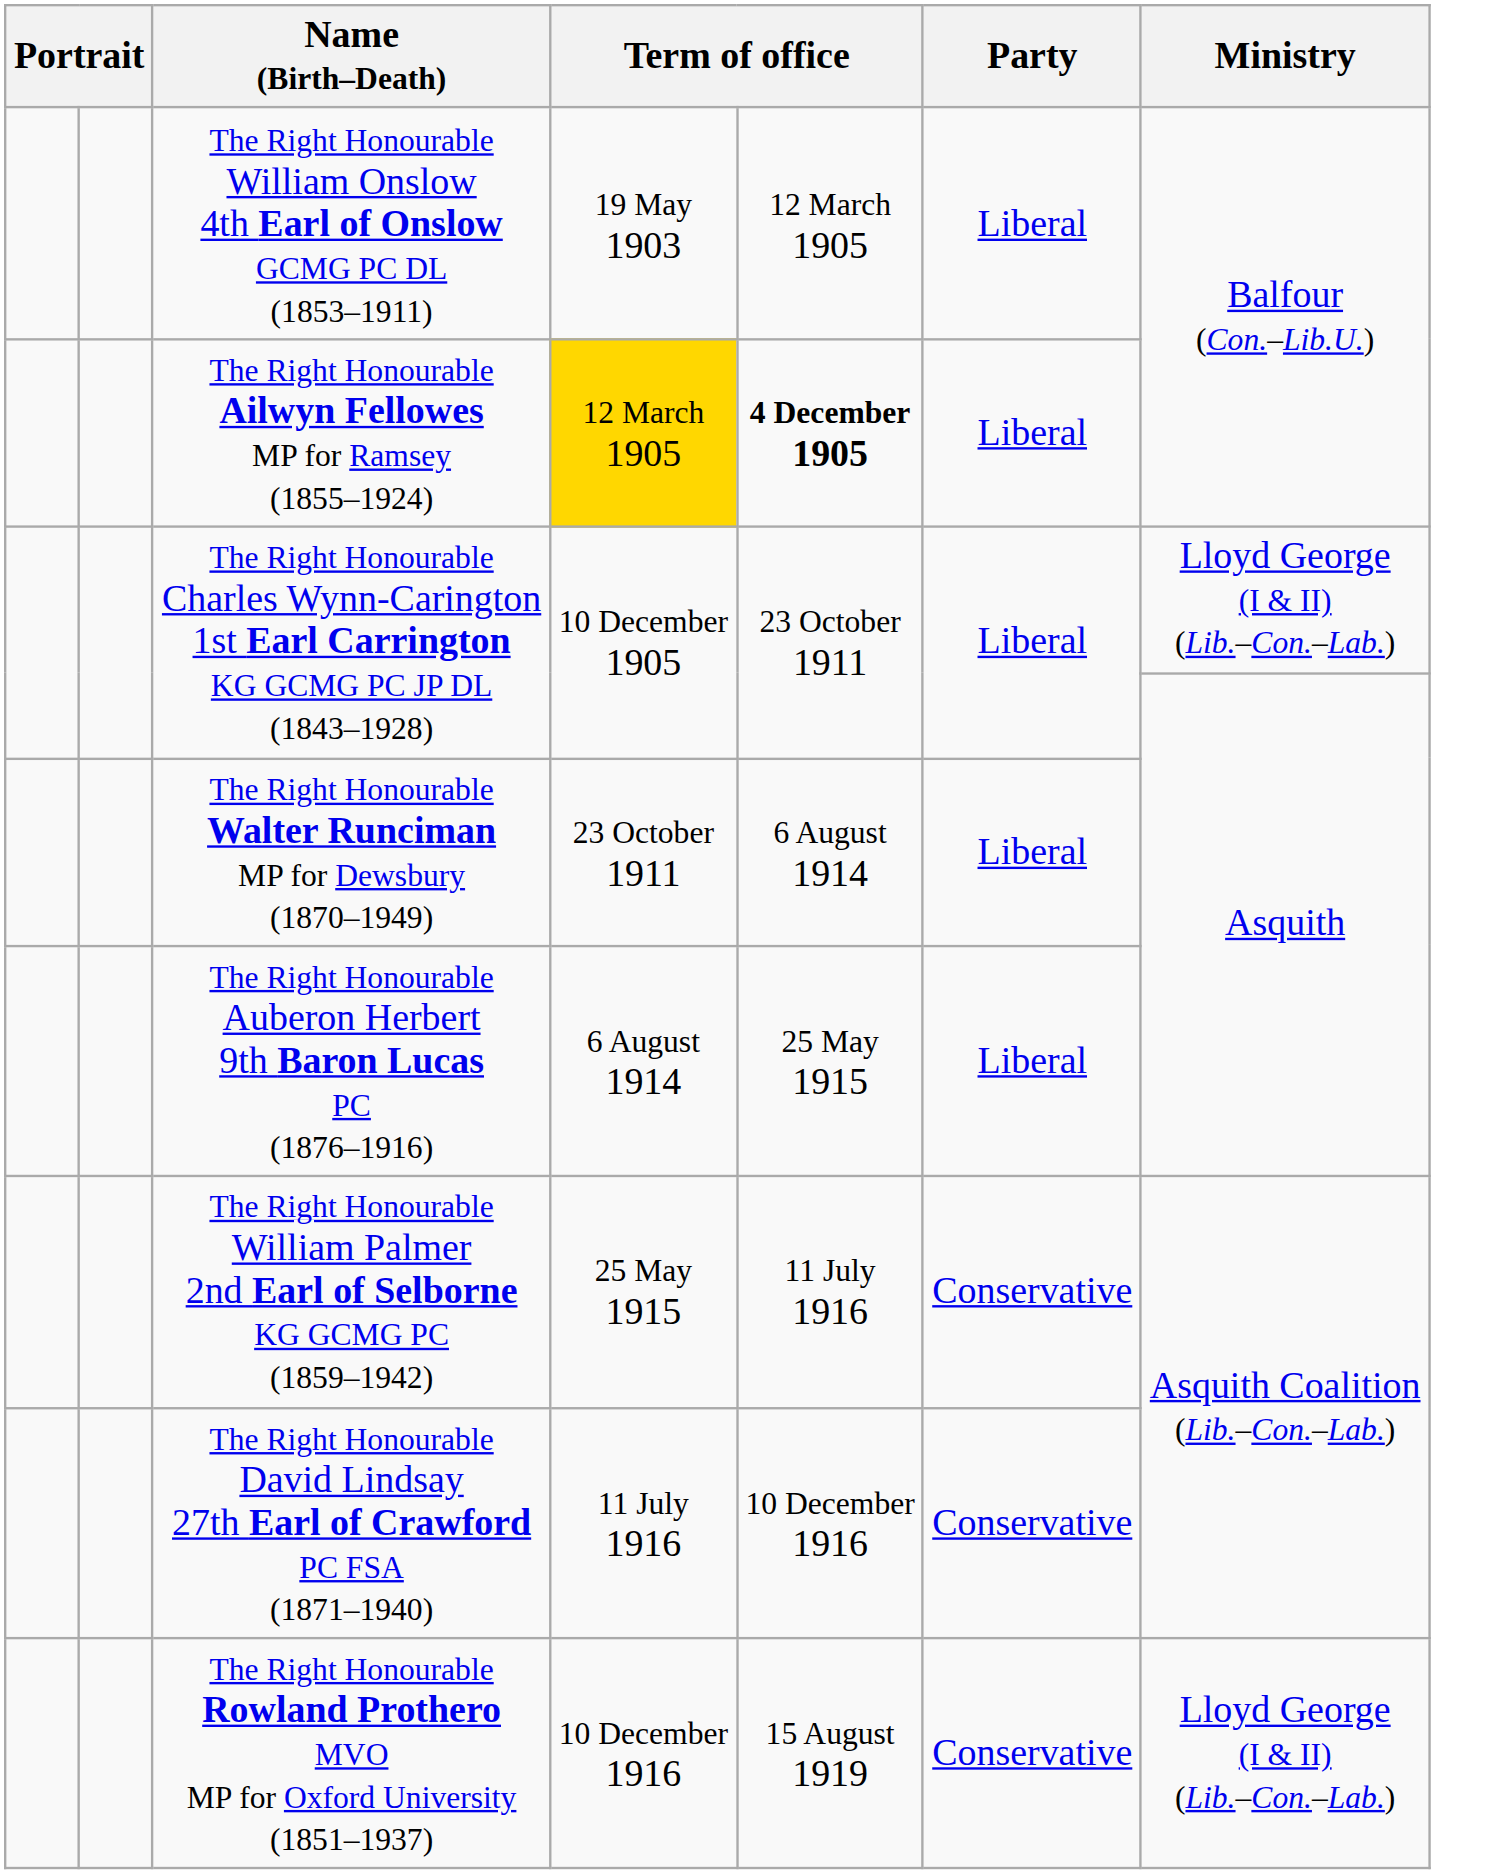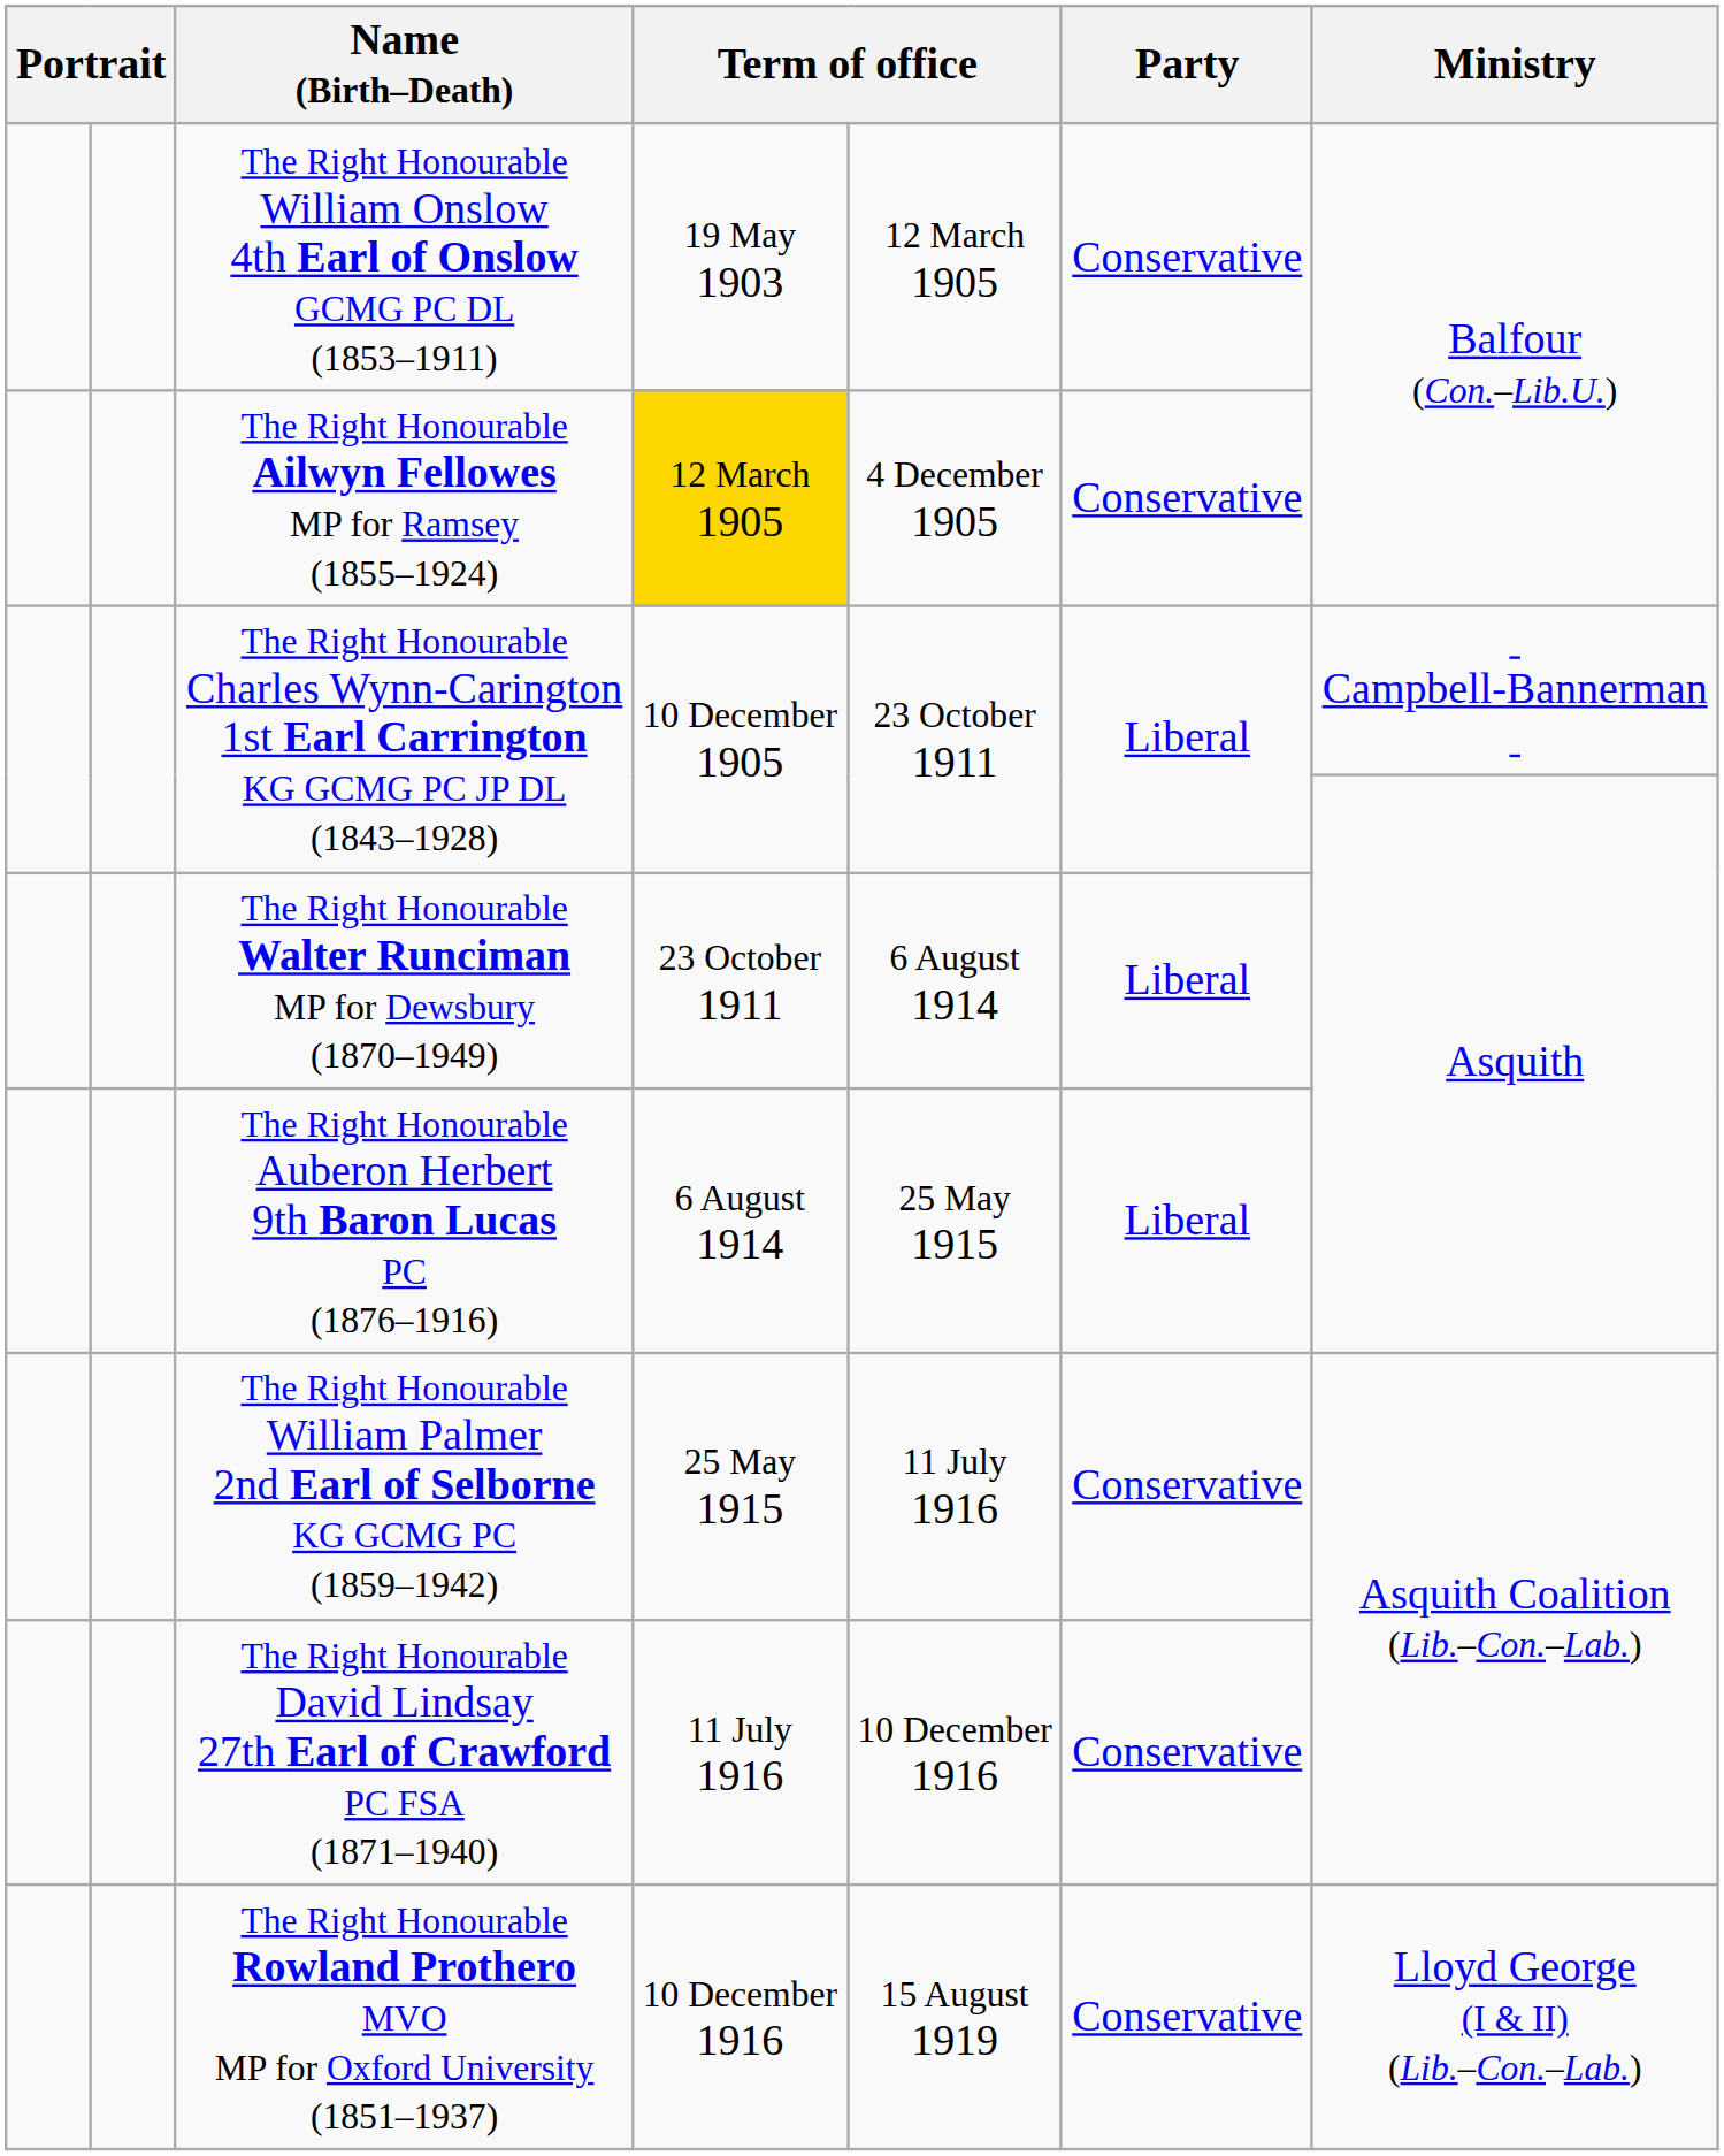 <table class="wikitable" style="text-align:center; white-space: nowrap;">
 <tr>
 <th colspan=2>Portrait</th>
 <th>Name<br><small>(Birth–Death)</small></th>
 <th colspan=2>Term of office</th>
 <th>Party</th>
 <th>Ministry</th>
 </tr>
 <tr>
 <td style="background-color: "></td>
 <td></td>
 <td><a href='#'><small>The Right Honourable</small><br>William Onslow<br>4th <strong>Earl of Onslow</strong><br><small>GCMG PC DL</small></a><br><small>(1853–1911)</small></td>
 <td><small>19 May</small><br>1903</td>
 <td><small>12 March</small><br>1905</td>
-<td><a href='#'>Liberal</a></td>
+<td><a href='#'>Conservative</a></td>
 <td rowspan=2 ><a href='#'>Balfour</a><br><small>(<em><a href='#'>Con.</a>–<a href='#'>Lib.U.</a></em>)</small></td>
 </tr>
 <tr>
 <td style="background-color: "></td>
 <td></td>
 <td><a href='#'><small>The Right Honourable</small><br><strong>Ailwyn Fellowes</strong></a><br><small>MP for <a href='#'>Ramsey</a><br>(1855–1924)</small></td>
 <td style="background: gold;"><small>12 March</small><br>1905</td>
-<td><strong><small>4 December</small><br>1905</strong></td>
-<td><a href='#'>Liberal</a></td>
+<td><small>4 December</small><br>1905</td>
+<td><a href='#'>Conservative</a></td>
 </tr>
 <tr>
 <td rowspan=2 style="background-color: "></td>
 <td rowspan=2></td>
 <td rowspan=2><a href='#'><small>The Right Honourable</small><br>Charles Wynn-Carington<br>1st <strong>Earl Carrington</strong><br><small>KG GCMG PC JP DL</small></a><br><small>(1843–1928)</small></td>
 <td rowspan=2><small>10 December</small><br>1905</td>
 <td rowspan=2><small>23 October</small><br>1911</td>
 <td rowspan=2 ><a href='#'>Liberal</a></td>
-<td><a href='#'>Lloyd George<br><small>(I & II)</small></a><br><small>(<em><a href='#'>Lib.</a>–<a href='#'>Con.</a>–<a href='#'>Lab.</a></em>)</small></td>
+<td><a href='#'> <br>Campbell-Bannerman<br> </a></td>
 </tr>
 <tr>
 <td rowspan=3 ><a href='#'>Asquith<br></a></td>
 </tr>
 <tr>
 <td style="background-color: "></td>
 <td></td>
 <td><a href='#'><small>The Right Honourable</small><br><strong>Walter Runciman</strong></a><br><small>MP for <a href='#'>Dewsbury</a><br>(1870–1949)</small></td>
 <td><small>23 October</small><br>1911</td>
 <td><small>6 August</small><br>1914</td>
 <td><a href='#'>Liberal</a></td>
 </tr>
 <tr>
 <td style="background-color: "></td>
 <td></td>
 <td><a href='#'><small>The Right Honourable</small><br>Auberon Herbert<br>9th <strong>Baron Lucas</strong><br><small>PC</small></a><br><small>(1876–1916)</small></td>
 <td><small>6 August</small><br>1914</td>
 <td><small>25 May</small><br>1915</td>
 <td><a href='#'>Liberal</a></td>
 </tr>
 <tr>
 <td style="background-color: "></td>
 <td></td>
 <td><a href='#'><small>The Right Honourable</small><br>William Palmer<br>2nd <strong>Earl of Selborne</strong><br><small>KG GCMG PC</small></a><br><small>(1859–1942)</small></td>
 <td><small>25 May</small><br>1915</td>
 <td><small>11 July</small><br>1916</td>
 <td><a href='#'>Conservative</a></td>
 <td rowspan=2 ><a href='#'>Asquith Coalition</a><br><small>(<em><a href='#'>Lib.</a>–<a href='#'>Con.</a>–<a href='#'>Lab.</a></em>)</small></td>
 </tr>
 <tr>
 <td style="background-color: "></td>
 <td></td>
 <td><a href='#'><small>The Right Honourable</small><br>David Lindsay<br>27th <strong>Earl of Crawford</strong><br><small>PC FSA</small></a><br><small>(1871–1940)</small></td>
 <td><small>11 July</small><br>1916</td>
 <td><small>10 December</small><br>1916</td>
 <td><a href='#'>Conservative</a></td>
 </tr>
 <tr>
 <td style="background-color: "></td>
 <td></td>
 <td><a href='#'><small>The Right Honourable</small><br><strong>Rowland Prothero</strong><br><small>MVO</small></a><br><small>MP for <a href='#'>Oxford University</a><br>(1851–1937)</small></td>
 <td><small>10 December</small><br>1916</td>
 <td><small>15 August</small><br>1919</td>
 <td><a href='#'>Conservative</a></td>
 <td><a href='#'>Lloyd George<br><small>(I & II)</small></a><br><small>(<em><a href='#'>Lib.</a>–<a href='#'>Con.</a>–<a href='#'>Lab.</a></em>)</small></td>
 </tr>
 </table>
